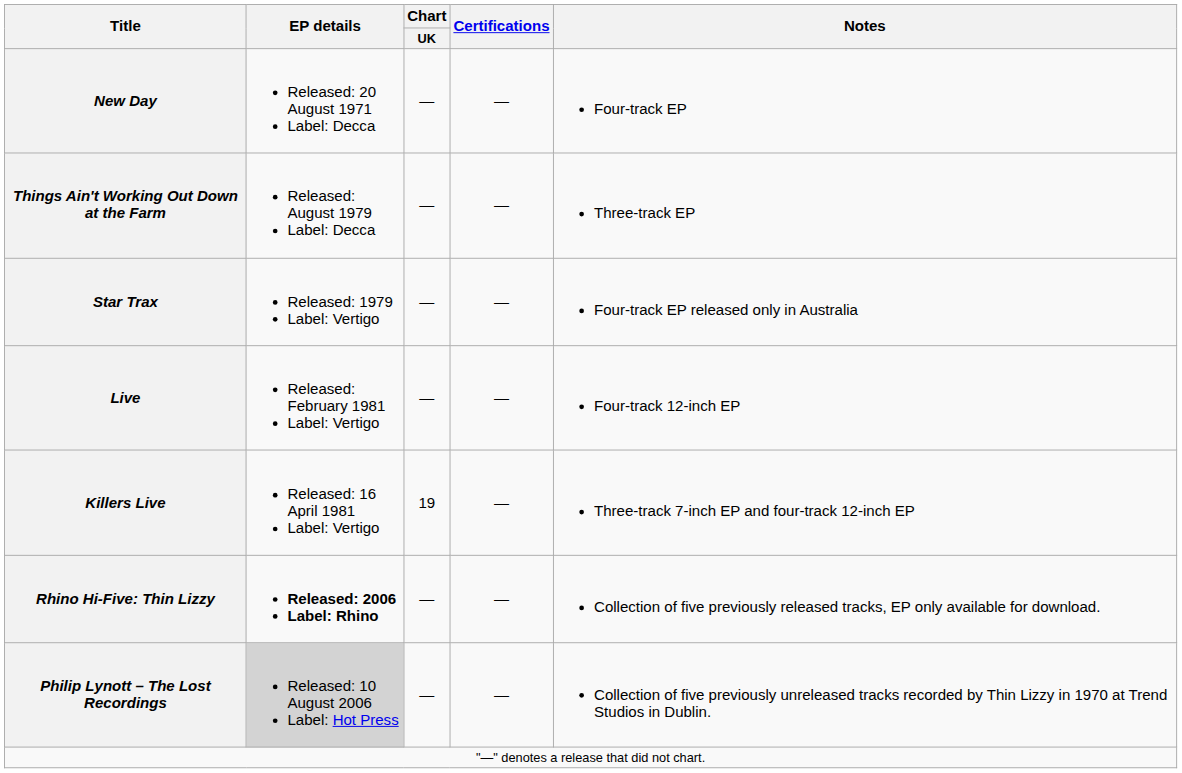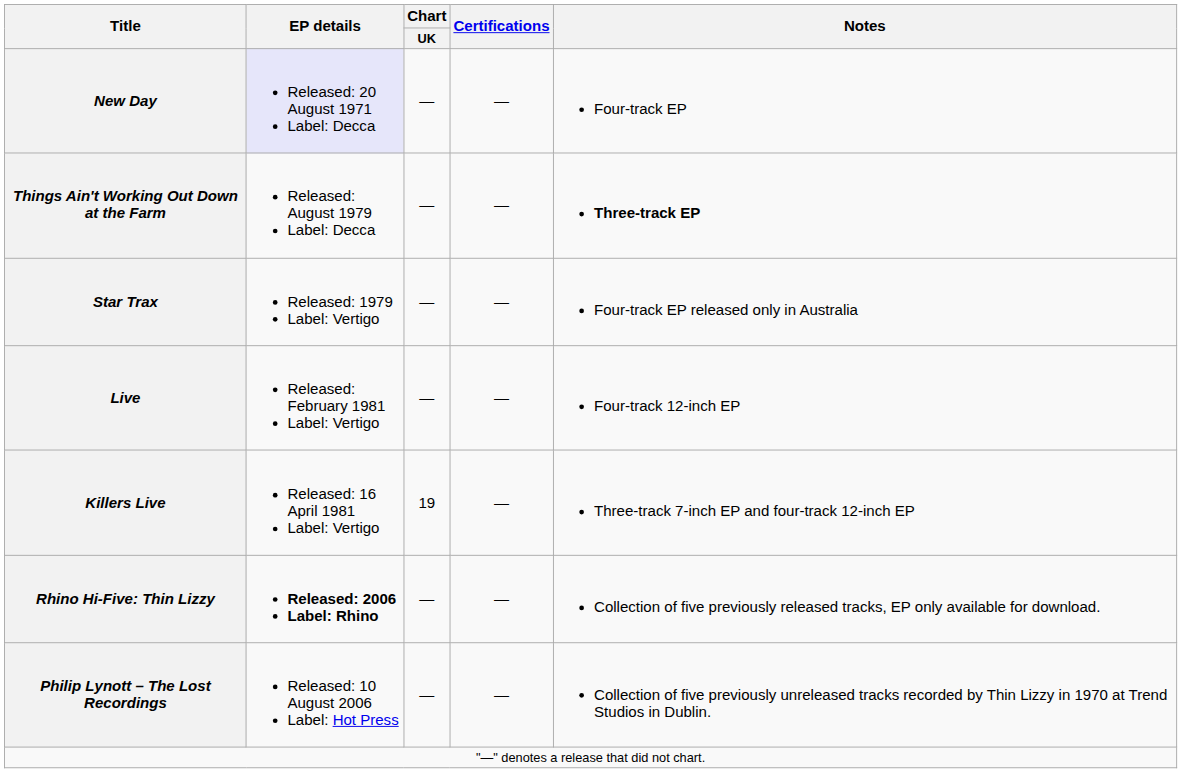 <table class ="wikitable plainrowheaders">
 <tr>
 <th rowspan="2" width="250">Title</th>
 <th rowspan="2" width="160">EP details</th>
 <th colspan="1">Chart</th>
 <th rowspan="2"><a href='#'>Certifications</a><br></th>
 <th rowspan="2">Notes</th>
 </tr>
 <tr>
 <th style="width:3em;font-size:85%">UK<br></th>
 </tr>
 <tr>
 <th scope="row"><em>New Day</em></th>
-<td><br><ul><li>Released: 20 August 1971</li><li>Label: Decca</li></ul></td>
+<td style="background: lavender;"><br><ul><li>Released: 20 August 1971</li><li>Label: Decca</li></ul></td>
 <td align="center">—</td>
 <td align="center">—</td>
 <td><br><ul><li>Four-track EP</li></ul></td>
 </tr>
 <tr>
 <th scope="row"><em>Things Ain't Working Out Down at the Farm</em></th>
 <td><br><ul><li>Released: August 1979</li><li>Label: Decca</li></ul></td>
 <td align="center">—</td>
 <td align="center">—</td>
-<td><br><ul><li>Three-track EP</li></ul></td>
+<td><strong><br><ul><li>Three-track EP</li></ul></strong></td>
 </tr>
 <tr>
 <th scope="row"><em>Star Trax</em></th>
 <td><br><ul><li>Released: 1979</li><li>Label: Vertigo</li></ul></td>
 <td align="center">—</td>
 <td align="center">—</td>
 <td><br><ul><li>Four-track EP released only in Australia</li></ul></td>
 </tr>
 <tr>
 <th scope="row"><em>Live</em></th>
 <td><br><ul><li>Released: February 1981</li><li>Label: Vertigo</li></ul></td>
 <td align="center">—</td>
 <td align="center">—</td>
 <td><br><ul><li>Four-track 12-inch EP</li></ul></td>
 </tr>
 <tr>
 <th scope="row"><em>Killers Live</em></th>
 <td><br><ul><li>Released: 16 April 1981</li><li>Label: Vertigo</li></ul></td>
 <td align="center">19</td>
 <td align="center">—</td>
 <td><br><ul><li>Three-track 7-inch EP and four-track 12-inch EP</li></ul></td>
 </tr>
 <tr>
 <th scope="row"><em>Rhino Hi-Five: Thin Lizzy</em></th>
 <td><strong><br><ul><li>Released: 2006</li><li>Label: Rhino</li></ul></strong></td>
 <td align="center">—</td>
 <td align="center">—</td>
 <td><br><ul><li>Collection of five previously released tracks, EP only available for download.</li></ul></td>
 </tr>
 <tr>
 <th scope="row"><em>Philip Lynott – The Lost Recordings</em></th>
-<td style="background: lightgrey;"><br><ul><li>Released: 10 August 2006</li><li>Label: <a href='#'>Hot Press</a></li></ul></td>
+<td><br><ul><li>Released: 10 August 2006</li><li>Label: <a href='#'>Hot Press</a></li></ul></td>
 <td align="center">—</td>
 <td align="center">—</td>
 <td><br><ul><li>Collection of five previously unreleased tracks recorded by Thin Lizzy in 1970 at Trend Studios in Dublin.</li></ul></td>
 </tr>
 <tr>
 <td align="center" colspan="17" style="font-size: 85%">"—" denotes a release that did not chart.</td>
 </tr>
 </table>
